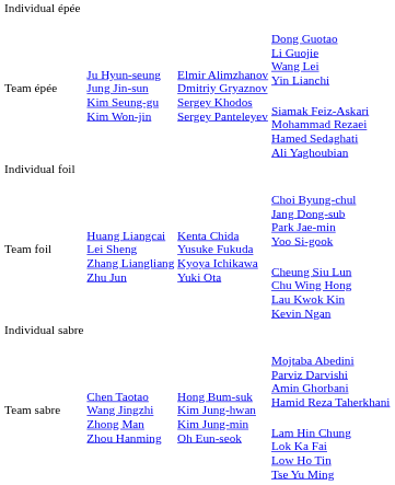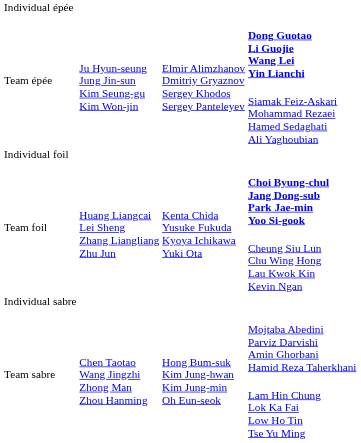 <table>
 <tr>
 <td rowspan=2>Individual épée</td>
 <td rowspan=2></td>
 <td rowspan=2></td>
 <td></td>
 </tr>
 <tr>
 <td></td>
 </tr>
 <tr>
 <td rowspan=2>Team épée</td>
 <td rowspan=2><br><a href='#'>Ju Hyun-seung</a><br><a href='#'>Jung Jin-sun</a><br><a href='#'>Kim Seung-gu</a><br><a href='#'>Kim Won-jin</a></td>
 <td rowspan=2><br><a href='#'>Elmir Alimzhanov</a><br><a href='#'>Dmitriy Gryaznov</a><br><a href='#'>Sergey Khodos</a><br><a href='#'>Sergey Panteleyev</a></td>
-<td><br><a href='#'>Dong Guotao</a><br><a href='#'>Li Guojie</a><br><a href='#'>Wang Lei</a><br><a href='#'>Yin Lianchi</a></td>
+<td><strong><br><a href='#'>Dong Guotao</a><br><a href='#'>Li Guojie</a><br><a href='#'>Wang Lei</a><br><a href='#'>Yin Lianchi</a></strong></td>
 </tr>
 <tr>
 <td><br><a href='#'>Siamak Feiz-Askari</a><br><a href='#'>Mohammad Rezaei</a><br><a href='#'>Hamed Sedaghati</a><br><a href='#'>Ali Yaghoubian</a></td>
 </tr>
 <tr>
 <td rowspan=2>Individual foil</td>
 <td rowspan=2></td>
 <td rowspan=2></td>
 <td></td>
 </tr>
 <tr>
 <td></td>
 </tr>
 <tr>
 <td rowspan=2>Team foil</td>
 <td rowspan=2><br><a href='#'>Huang Liangcai</a><br><a href='#'>Lei Sheng</a><br><a href='#'>Zhang Liangliang</a><br><a href='#'>Zhu Jun</a></td>
 <td rowspan=2><br><a href='#'>Kenta Chida</a><br><a href='#'>Yusuke Fukuda</a><br><a href='#'>Kyoya Ichikawa</a><br><a href='#'>Yuki Ota</a></td>
-<td><br><a href='#'>Choi Byung-chul</a><br><a href='#'>Jang Dong-sub</a><br><a href='#'>Park Jae-min</a><br><a href='#'>Yoo Si-gook</a></td>
+<td><strong><br><a href='#'>Choi Byung-chul</a><br><a href='#'>Jang Dong-sub</a><br><a href='#'>Park Jae-min</a><br><a href='#'>Yoo Si-gook</a></strong></td>
 </tr>
 <tr>
 <td><br><a href='#'>Cheung Siu Lun</a><br><a href='#'>Chu Wing Hong</a><br><a href='#'>Lau Kwok Kin</a><br><a href='#'>Kevin Ngan</a></td>
 </tr>
 <tr>
 <td rowspan=2>Individual sabre</td>
 <td rowspan=2></td>
 <td rowspan=2></td>
 <td></td>
 </tr>
 <tr>
 <td></td>
 </tr>
 <tr>
 <td rowspan=2>Team sabre</td>
 <td rowspan=2><br><a href='#'>Chen Taotao</a><br><a href='#'>Wang Jingzhi</a><br><a href='#'>Zhong Man</a><br><a href='#'>Zhou Hanming</a></td>
 <td rowspan=2><br><a href='#'>Hong Bum-suk</a><br><a href='#'>Kim Jung-hwan</a><br><a href='#'>Kim Jung-min</a><br><a href='#'>Oh Eun-seok</a></td>
 <td><br><a href='#'>Mojtaba Abedini</a><br><a href='#'>Parviz Darvishi</a><br><a href='#'>Amin Ghorbani</a><br><a href='#'>Hamid Reza Taherkhani</a></td>
 </tr>
 <tr>
 <td><br><a href='#'>Lam Hin Chung</a><br><a href='#'>Lok Ka Fai</a><br><a href='#'>Low Ho Tin</a><br><a href='#'>Tse Yu Ming</a></td>
 </tr>
 </table>
